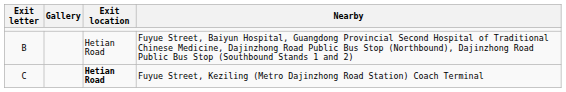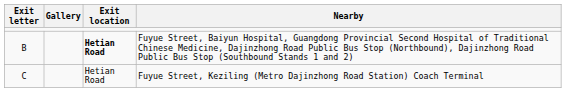 <table class="wikitable">
 <tr>
 <th style="width:70px" colspan="3">Exit letter</th>
 <th>Gallery</th>
 <th>Exit location</th>
 <th>Nearby</th>
 </tr>
 <tr style="background:#">
 <td colspan = "6"></td>
 </tr>
 <tr>
 <td align="center" colspan="3">B</td>
 <td></td>
-<td>Hetian Road</td>
+<td><strong>Hetian Road</strong></td>
 <td>Fuyue Street, Baiyun Hospital, Guangdong Provincial Second Hospital of Traditional Chinese Medicine, Dajinzhong Road Public Bus Stop (Northbound), Dajinzhong Road Public Bus Stop (Southbound Stands 1 and 2)</td>
 </tr>
 <tr>
 <td align="center" colspan="3">C</td>
 <td></td>
-<td><strong>Hetian Road</strong></td>
+<td>Hetian Road</td>
 <td>Fuyue Street, Keziling (Metro Dajinzhong Road Station) Coach Terminal</td>
 </tr>
 </table>
